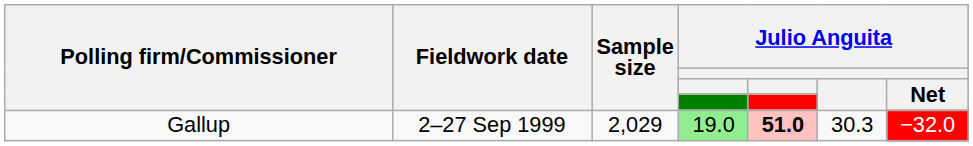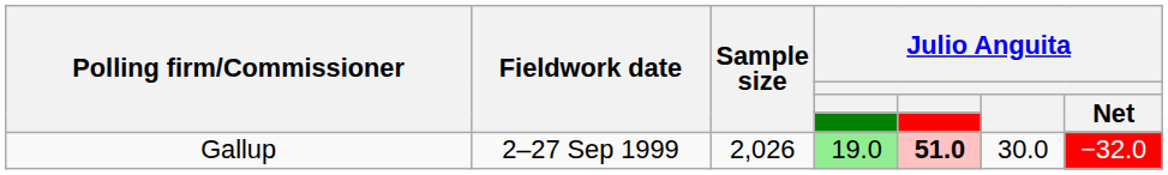 <table class="wikitable collapsible collapsed" style="text-align:center; font-size:90%; line-height:14px;">
 <tr style="height:42px;">
 <th style="width:250px;" rowspan="4">Polling firm/Commissioner</th>
 <th style="width:125px;" rowspan="4">Fieldwork date</th>
 <th style="width:50px;" rowspan="4">Sample size</th>
 <th style="width:185px;" colspan="4"><a href='#'>Julio Anguita</a><br></th>
 </tr>
 <tr>
 <th colspan="4" style="background:"></th>
 </tr>
 <tr>
 <th style="width:30px;"></th>
 <th style="width:30px;"></th>
 <th style="width:30px;" rowspan="2"></th>
 <th style="width:30px;" rowspan="2">Net</th>
 </tr>
 <tr>
 <th style="color:inherit;background:#008000;"></th>
 <th style="color:inherit;background:#FF0000;"></th>
 </tr>
 <tr>
 <td>Gallup</td>
 <td>2–27 Sep 1999</td>
-<td>2,029</td>
+<td>2,026</td>
 <td style="background: lightgreen;">19.0</td>
 <td style="background:#FFC2C1;"><strong>51.0</strong></td>
-<td>30.3</td>
+<td>30.0</td>
 <td style="background:#FF0000; color:white;">−32.0</td>
 </tr>
 </table>
